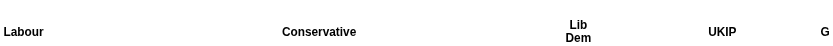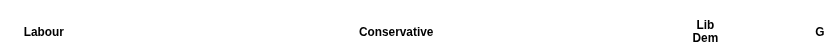 <table style="width:100%; text-align:center;">
 <tr style="color:white;">
 <td style="background:"><strong>51</strong></td>
 <td style="background:"><strong>12</strong></td>
 <td style="background:"><strong>8</strong></td>
-<td style="background:"><strong>3</strong></td>
 <td style="background:"><strong>1</strong></td>
 </tr>
 <tr>
 <td><span><strong>Labour</strong></span></td>
 <td><span><strong>Conservative</strong></span></td>
 <td><span><strong>Lib<br>Dem</strong></span></td>
-<td><span><strong>UKIP</strong></span></td>
 <td><span><strong>G</strong></span></td>
 </tr>
 </table>
